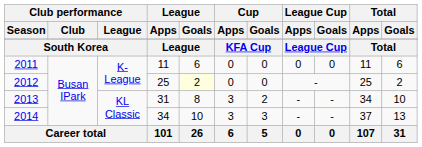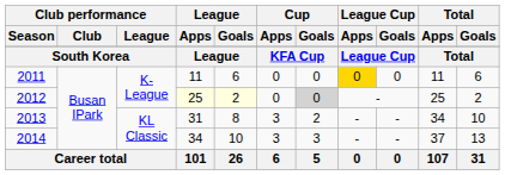 <table class="wikitable" style="text-align:center">
 <tr>
 <th colspan=3>Club performance</th>
 <th colspan=2>League</th>
 <th colspan=2>Cup</th>
 <th colspan=2>League Cup</th>
 <th colspan=2>Total</th>
 </tr>
 <tr>
 <th>Season</th>
 <th>Club</th>
 <th>League</th>
 <th>Apps</th>
 <th>Goals</th>
 <th>Apps</th>
 <th>Goals</th>
 <th>Apps</th>
 <th>Goals</th>
 <th>Apps</th>
 <th>Goals</th>
 </tr>
 <tr>
 </tr>
 <tr>
 <th colspan=3>South Korea</th>
 <th colspan=2>League</th>
 <th colspan=2><a href='#'>KFA Cup</a></th>
 <th colspan=2><a href='#'>League Cup</a></th>
 <th colspan=2>Total</th>
 </tr>
 <tr>
 <td><a href='#'>2011</a></td>
 <td rowspan="4"><a href='#'>Busan IPark</a></td>
 <td rowspan="2"><a href='#'>K-League</a></td>
 <td>11</td>
 <td>6</td>
 <td>0</td>
 <td>0</td>
-<td>0</td>
+<td style="background: gold;">0</td>
 <td>0</td>
 <td>11</td>
 <td>6</td>
 </tr>
 <tr>
 <td><a href='#'>2012</a></td>
-<td>25</td>
+<td style="background: lightyellow;">25</td>
 <td style="background: lightyellow;">2</td>
 <td>0</td>
-<td>0</td>
+<td style="background: lightgrey;">0</td>
 <td colspan="2">-</td>
 <td>25</td>
 <td>2</td>
 </tr>
 <tr>
 <td><a href='#'>2013</a></td>
 <td rowspan="2"><a href='#'>KL Classic</a></td>
 <td>31</td>
 <td>8</td>
 <td>3</td>
 <td>2</td>
 <td>-</td>
 <td>-</td>
 <td>34</td>
 <td>10</td>
 </tr>
 <tr>
 <td><a href='#'>2014</a></td>
 <td>34</td>
 <td>10</td>
 <td>3</td>
 <td>3</td>
 <td>-</td>
 <td>-</td>
 <td>37</td>
 <td>13</td>
 </tr>
 <tr>
 <th colspan=3>Career total</th>
 <th>101</th>
 <th>26</th>
 <th>6</th>
 <th>5</th>
 <th>0</th>
 <th>0</th>
 <th>107</th>
 <th>31</th>
 </tr>
 </table>
